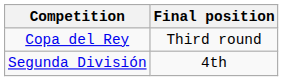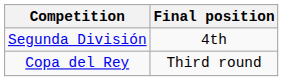 <table class="wikitable" style="font-size:100%; text-align:center">
 <tr>
 <th>Competition</th>
 <th>Final position</th>
 </tr>
 <tr style="background:">
+<td><a href='#'>Segunda División</a></td>
+<td>4th</td>
+</tr>
+<tr style="background:">
 <td><a href='#'>Copa del Rey</a></td>
 <td>Third round</td>
 </tr>
-<tr style="background:">
-<td><a href='#'>Segunda División</a></td>
-<td>4th</td>
-</tr>
 </table>
